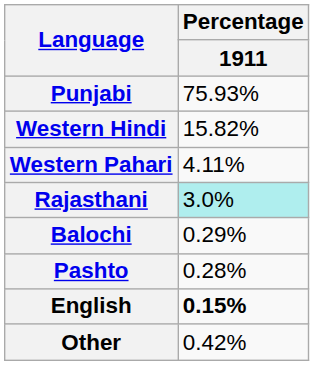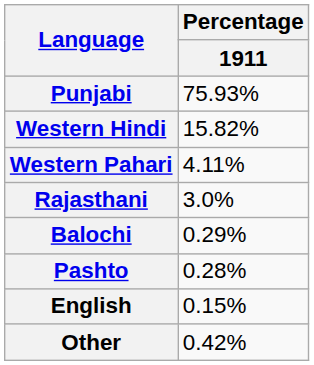 <table class="wikitable sortable">
 <tr>
 <th rowspan="2"><a href='#'>Language</a></th>
 <th colspan="1">Percentage</th>
 </tr>
 <tr>
 <th>1911</th>
 </tr>
 <tr>
 <th><a href='#'>Punjabi</a></th>
 <td>75.93%</td>
 </tr>
 <tr>
 <th><a href='#'>Western Hindi</a></th>
 <td>15.82%</td>
 </tr>
 <tr>
 <th><a href='#'>Western Pahari</a></th>
 <td>4.11%</td>
 </tr>
 <tr>
 <th><a href='#'>Rajasthani</a></th>
-<td style="background: paleturquoise;">3.0%</td>
+<td>3.0%</td>
 </tr>
 <tr>
 <th><a href='#'>Balochi</a></th>
 <td>0.29%</td>
 </tr>
 <tr>
 <th><a href='#'>Pashto</a></th>
 <td>0.28%</td>
 </tr>
 <tr>
 <th>English</th>
-<td><strong>0.15%</strong></td>
+<td>0.15%</td>
 </tr>
 <tr>
 <th>Other</th>
 <td>0.42%</td>
 </tr>
 </table>
